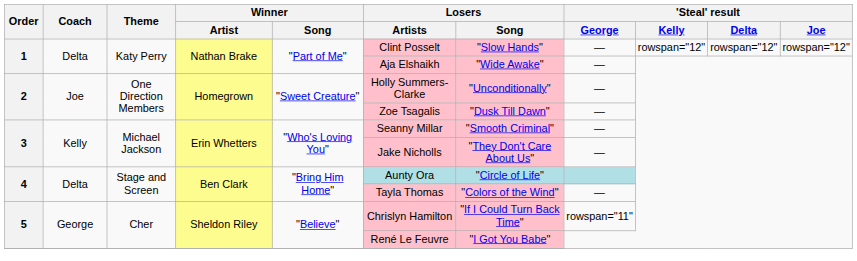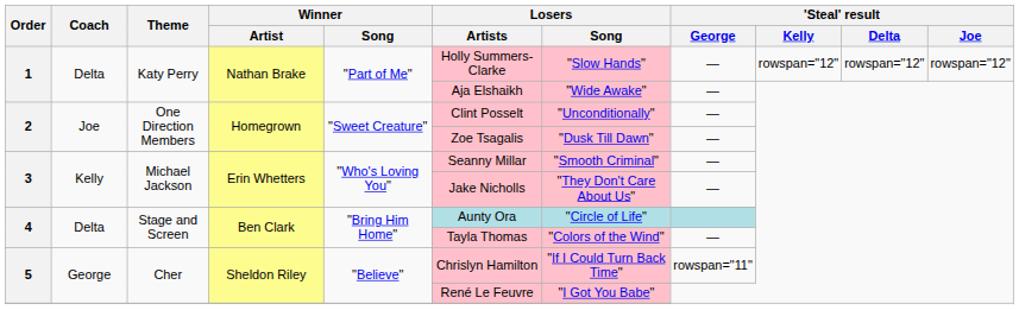 <table class="wikitable" style="text-align: center; width: auto;">
 <tr>
 <th rowspan="2" style="width:5%;">Order</th>
 <th rowspan="2" style="width:10%;">Coach</th>
 <th rowspan="2" style="width:10%;">Theme</th>
 <th colspan="2" style="width:15%;">Winner</th>
 <th colspan="2" style="width:60%;">Losers</th>
 <th colspan="4" style="width:20%;">'Steal' result</th>
 </tr>
 <tr>
 <th style="width:15%;">Artist</th>
 <th style="width:15%;">Song</th>
 <th style="width:15%;">Artists</th>
 <th style="width:15%;">Song</th>
 <th style="width:5%;"><a href='#'>George</a></th>
 <th style="width:5%;"><a href='#'>Kelly</a></th>
 <th style="width:5%;"><a href='#'>Delta</a></th>
 <th style="width:5%;"><a href='#'>Joe</a></th>
 </tr>
 <tr>
 <th rowspan="2">1</th>
 <td rowspan="2">Delta</td>
 <td rowspan="2">Katy Perry</td>
 <td rowspan="2" bgcolor="#fdfc8f">Nathan Brake</td>
 <td rowspan="2">"<a href='#'>Part of Me</a>"</td>
-<td bgcolor="pink">Clint Posselt</td>
+<td bgcolor="pink">Holly Summers-Clarke</td>
 <td bgcolor="pink">"<a href='#'>Slow Hands</a>"</td>
 <td>—</td>
 <td>rowspan="12" </td>
 <td>rowspan="12" </td>
 <td>rowspan="12" </td>
 </tr>
 <tr>
 <td bgcolor="pink">Aja Elshaikh</td>
 <td bgcolor="pink">"<a href='#'>Wide Awake</a>"</td>
 <td>—</td>
 </tr>
 <tr>
 <th rowspan="2">2</th>
 <td rowspan="2">Joe</td>
 <td rowspan="2">One Direction Members</td>
 <td rowspan="2" bgcolor="#fdfc8f">Homegrown</td>
 <td rowspan="2">"<a href='#'>Sweet Creature</a>"</td>
-<td bgcolor="pink">Holly Summers-Clarke</td>
+<td bgcolor="pink">Clint Posselt</td>
 <td bgcolor="pink">"<a href='#'>Unconditionally</a>"</td>
 <td>—</td>
 </tr>
 <tr>
 <td bgcolor="pink">Zoe Tsagalis</td>
 <td bgcolor="pink">"<a href='#'>Dusk Till Dawn</a>"</td>
 <td>—</td>
 </tr>
 <tr>
 <th rowspan="2">3</th>
 <td rowspan="2">Kelly</td>
 <td rowspan="2">Michael Jackson</td>
 <td rowspan="2" bgcolor="#fdfc8f">Erin Whetters</td>
 <td rowspan="2">"<a href='#'>Who's Loving You</a>"</td>
 <td bgcolor="pink">Seanny Millar</td>
 <td bgcolor="pink">"<a href='#'>Smooth Criminal</a>"</td>
 <td>—</td>
 </tr>
 <tr>
 <td bgcolor="pink">Jake Nicholls</td>
 <td bgcolor="pink">"<a href='#'>They Don't Care About Us</a>"</td>
 <td>—</td>
 </tr>
 <tr>
 <th rowspan="2">4</th>
 <td rowspan="2">Delta</td>
 <td rowspan="2">Stage and Screen</td>
 <td rowspan="2" bgcolor="#fdfc8f">Ben Clark</td>
 <td rowspan="2">"<a href='#'>Bring Him Home</a>"</td>
 <td bgcolor="#B0E0E6">Aunty Ora</td>
 <td bgcolor="#B0E0E6">"<a href='#'>Circle of Life</a>"</td>
 <td style="background-color:#B0E0E6;"> <strong></strong> </td>
 </tr>
 <tr>
 <td bgcolor="pink">Tayla Thomas</td>
 <td bgcolor="pink">"<a href='#'>Colors of the Wind</a>"</td>
 <td>—</td>
 </tr>
 <tr>
 <th rowspan="2">5</th>
 <td rowspan="2">George</td>
 <td rowspan="2">Cher</td>
 <td rowspan="2" bgcolor="#fdfc8f">Sheldon Riley</td>
 <td rowspan="2">"<a href='#'>Believe</a>"</td>
 <td bgcolor="pink">Chrislyn Hamilton</td>
 <td bgcolor="pink">"<a href='#'>If I Could Turn Back Time</a>"</td>
 <td>rowspan="11" </td>
 </tr>
 <tr>
 <td bgcolor="pink">René Le Feuvre</td>
 <td bgcolor="pink">"<a href='#'>I Got You Babe</a>"</td>
 </tr>
 <tr>
 </tr>
 </table>
